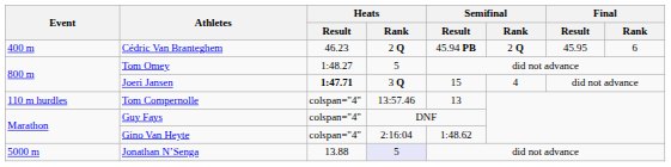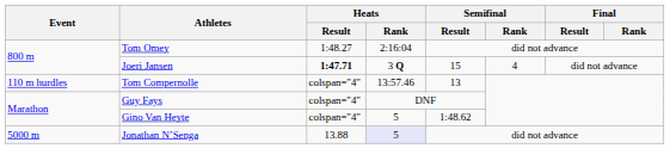 <table class="wikitable" border="1" style="font-size:90%">
 <tr>
 <th rowspan="2" width="150">Event</th>
 <th rowspan="2" width="250">Athletes</th>
 <th colspan="2" width="150">Heats</th>
 <th colspan="2" width="150">Semifinal</th>
 <th colspan="2" width="150">Final</th>
 </tr>
 <tr>
 <th width="75">Result</th>
 <th width="75">Rank</th>
 <th width="75">Result</th>
 <th width="75">Rank</th>
 <th width="75">Result</th>
 <th width="75">Rank</th>
 </tr>
 <tr>
-<td><a href='#'>400 m</a></td>
-<td><a href='#'>Cédric Van Branteghem</a></td>
-<td align=center>46.23</td>
-<td align=center>2 <strong>Q</strong></td>
-<td align=center>45.94 <strong>PB</strong></td>
-<td align=center>2 <strong>Q</strong></td>
-<td align=center>45.95</td>
-<td align=center>6</td>
-</tr>
-<tr>
 <td rowspan="2"><a href='#'>800 m</a></td>
 <td><a href='#'>Tom Omey</a></td>
 <td align=center>1:48.27</td>
-<td align=center>5</td>
+<td align=center>2:16:04</td>
 <td align="center" colspan=4>did not advance</td>
 </tr>
 <tr>
 <td><a href='#'>Joeri Jansen</a></td>
 <td align=center><strong>1:47.71</strong></td>
 <td align=center>3 <strong>Q</strong></td>
 <td align=center>15</td>
 <td align=center>4</td>
 <td align="center" colspan=2>did not advance</td>
 </tr>
 <tr>
 <td><a href='#'>110 m hurdles</a></td>
 <td><a href='#'>Tom Compernolle</a></td>
 <td>colspan="4"</td>
 <td align=center>13:57.46</td>
 <td align=center>13</td>
 </tr>
 <tr>
 <td rowspan=2><a href='#'>Marathon</a></td>
 <td><a href='#'>Guy Fays</a></td>
 <td>colspan="4"</td>
 <td align=center colspan=2>DNF</td>
 </tr>
 <tr>
 <td><a href='#'>Gino Van Heyte</a></td>
 <td>colspan="4"</td>
-<td align=center>2:16:04</td>
+<td align=center>5</td>
 <td align=center>1:48.62</td>
 </tr>
 <tr>
 <td><a href='#'>5000 m</a></td>
 <td><a href='#'>Jonathan N’Senga</a></td>
 <td align=center>13.88</td>
 <td align=center style="background: lavender;">5</td>
 <td align="center" colspan=4>did not advance</td>
 </tr>
 </table>
